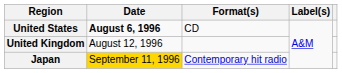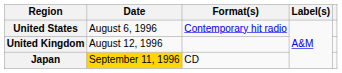 <table class="wikitable plainrowheaders">
 <tr>
 <th scope="col">Region</th>
 <th scope="col">Date</th>
 <th scope="col">Format(s)</th>
 <th scope="col">Label(s)</th>
 <th scope="col"></th>
 </tr>
 <tr>
 <th scope="row">United States</th>
-<td><strong>August 6, 1996</strong></td>
-<td>CD</td>
+<td>August 6, 1996</td>
+<td><a href='#'>Contemporary hit radio</a></td>
 <td rowspan="3"><a href='#'>A&M</a></td>
 <td></td>
 </tr>
 <tr>
 <th scope="row">United Kingdom</th>
 <td>August 12, 1996</td>
 <td></td>
 <td></td>
 </tr>
 <tr>
 <th scope="row">Japan</th>
 <td style="background: gold;">September 11, 1996</td>
-<td><a href='#'>Contemporary hit radio</a></td>
+<td>CD</td>
 <td></td>
 </tr>
 </table>
